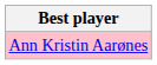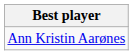 <table class="wikitable" style="margin: 0 auto;">
 <tr>
 <th>Best player</th>
 </tr>
 <tr>
-<td align=center style="background: pink;"> <a href='#'>Ann Kristin Aarønes</a></td>
+<td align=center> <a href='#'>Ann Kristin Aarønes</a></td>
 </tr>
 </table>
